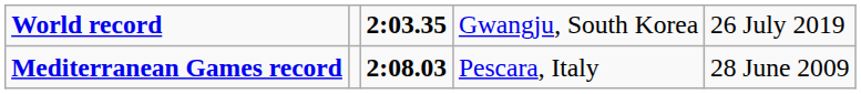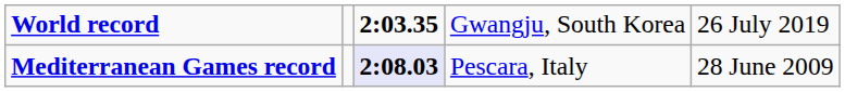 <table class="wikitable">
 <tr>
 <td><strong><a href='#'>World record</a></strong></td>
 <td></td>
 <td><strong>2:03.35</strong></td>
 <td><a href='#'>Gwangju</a>, South Korea</td>
 <td>26 July 2019</td>
 </tr>
 <tr>
 <td><strong><a href='#'>Mediterranean Games record</a></strong></td>
 <td></td>
-<td><strong>2:08.03</strong></td>
+<td style="background: lavender;"><strong>2:08.03</strong></td>
 <td><a href='#'>Pescara</a>, Italy</td>
 <td>28 June 2009</td>
 </tr>
 </table>
